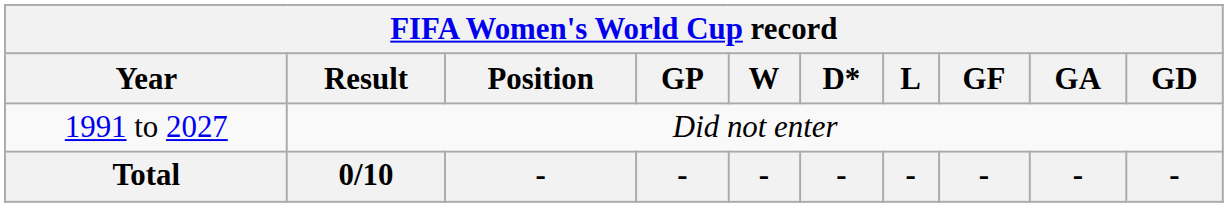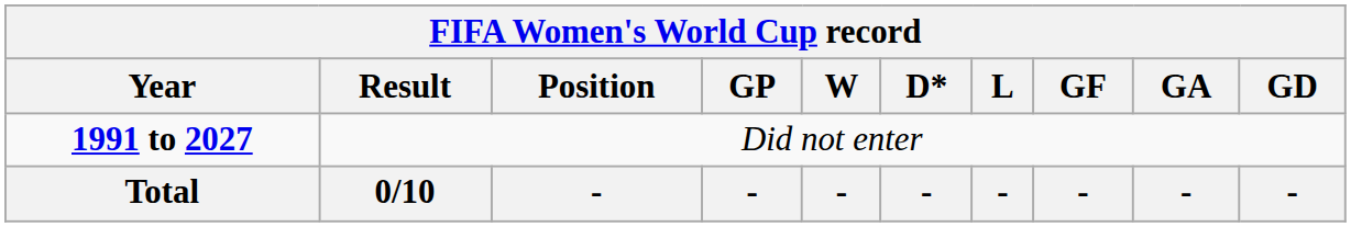 <table class="wikitable" style="text-align: center; width:50%;">
 <tr>
 <th colspan=10><a href='#'>FIFA Women's World Cup</a> record</th>
 </tr>
 <tr>
 <th>Year</th>
 <th>Result</th>
 <th>Position</th>
 <th>GP</th>
 <th>W</th>
 <th>D*</th>
 <th>L</th>
 <th>GF</th>
 <th>GA</th>
 <th>GD</th>
 </tr>
 <tr>
-<td> <a href='#'>1991</a> to  <a href='#'>2027</a></td>
+<td><strong> <a href='#'>1991</a> to  <a href='#'>2027</a></strong></td>
 <td colspan=10 rowspan=1><em>Did not enter</em></td>
 </tr>
 <tr>
 <th>Total</th>
 <th>0/10</th>
 <th>-</th>
 <th>-</th>
 <th>-</th>
 <th>-</th>
 <th>-</th>
 <th>-</th>
 <th>-</th>
 <th>-</th>
 </tr>
 </table>
